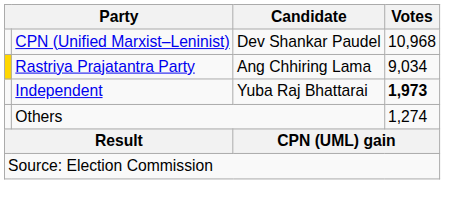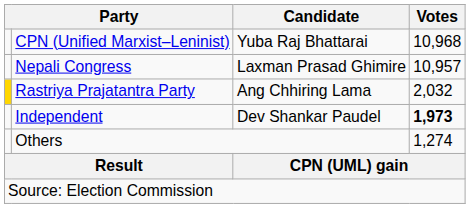 <table class="wikitable">
 <tr>
 <th colspan="2">Party</th>
 <th>Candidate</th>
 <th>Votes</th>
 </tr>
 <tr>
 <td style="background-color:"></td>
 <td><a href='#'>CPN (Unified Marxist–Leninist)</a></td>
-<td>Dev Shankar Paudel</td>
+<td>Yuba Raj Bhattarai</td>
 <td>10,968</td>
+</tr>
+<tr>
+<td style="background-color:"></td>
+<td><a href='#'>Nepali Congress</a></td>
+<td>Laxman Prasad Ghimire</td>
+<td>10,957</td>
 </tr>
 <tr>
 <td style="background-color:gold"></td>
 <td><a href='#'>Rastriya Prajatantra Party</a></td>
 <td>Ang Chhiring Lama</td>
-<td>9,034</td>
+<td>2,032</td>
 </tr>
 <tr>
 <td style="background-color:"></td>
 <td><a href='#'>Independent</a></td>
-<td>Yuba Raj Bhattarai</td>
+<td>Dev Shankar Paudel</td>
 <td><strong>1,973</strong></td>
 </tr>
 <tr>
 <td></td>
 <td colspan="2">Others</td>
 <td>1,274</td>
 </tr>
 <tr>
 <th colspan="2">Result</th>
 <th colspan="2">CPN (UML) gain</th>
 </tr>
 <tr>
 <td colspan="4">Source: Election Commission</td>
 </tr>
 </table>
